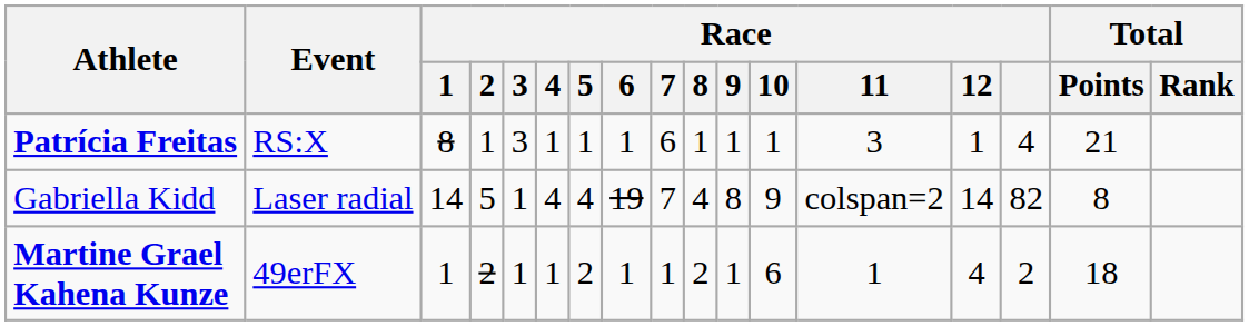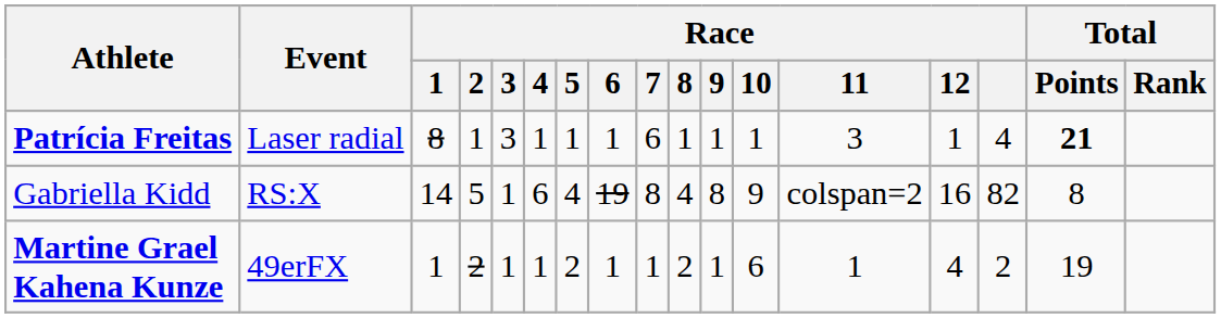 <table class=wikitable style=font-size:90%;text-align:center>
 <tr>
 <th rowspan=2>Athlete</th>
 <th rowspan=2>Event</th>
 <th colspan=13>Race</th>
 <th colspan=2>Total</th>
 </tr>
 <tr style=font-size:95%>
 <th>1</th>
 <th>2</th>
 <th>3</th>
 <th>4</th>
 <th>5</th>
 <th>6</th>
 <th>7</th>
 <th>8</th>
 <th>9</th>
 <th>10</th>
 <th>11</th>
 <th>12</th>
 <th></th>
 <th>Points</th>
 <th>Rank</th>
 </tr>
 <tr>
 <td align=left><strong><a href='#'>Patrícia Freitas</a></strong></td>
-<td align=left><a href='#'>RS:X</a></td>
+<td align=left><a href='#'>Laser radial</a></td>
 <td><s>8<br></s></td>
 <td>1</td>
 <td>3</td>
 <td>1</td>
 <td>1</td>
 <td>1</td>
 <td>6</td>
 <td>1</td>
 <td>1</td>
 <td>1</td>
 <td>3</td>
 <td>1</td>
 <td>4</td>
-<td>21</td>
+<td><strong>21</strong></td>
 <td></td>
 </tr>
 <tr>
 <td align=left><a href='#'>Gabriella Kidd</a></td>
-<td align=left><a href='#'>Laser radial</a></td>
+<td align=left><a href='#'>RS:X</a></td>
 <td>14</td>
 <td>5</td>
 <td>1</td>
-<td>4</td>
+<td>6</td>
 <td>4</td>
 <td><s>19<br></s></td>
-<td>7</td>
+<td>8</td>
 <td>4</td>
 <td>8</td>
 <td>9</td>
 <td>colspan=2 </td>
-<td>14</td>
+<td>16</td>
 <td>82</td>
 <td>8</td>
 </tr>
 <tr>
 <td align=left><strong><a href='#'>Martine Grael</a></strong><br><strong><a href='#'>Kahena Kunze</a></strong></td>
 <td align=left><a href='#'>49erFX</a></td>
 <td>1</td>
 <td><s>2</s></td>
 <td>1</td>
 <td>1</td>
 <td>2</td>
 <td>1</td>
 <td>1</td>
 <td>2</td>
 <td>1</td>
 <td>6</td>
 <td>1</td>
 <td>4</td>
 <td>2</td>
-<td>18</td>
+<td>19</td>
 <td></td>
 </tr>
 </table>
